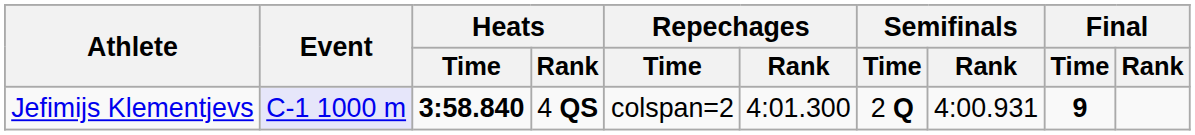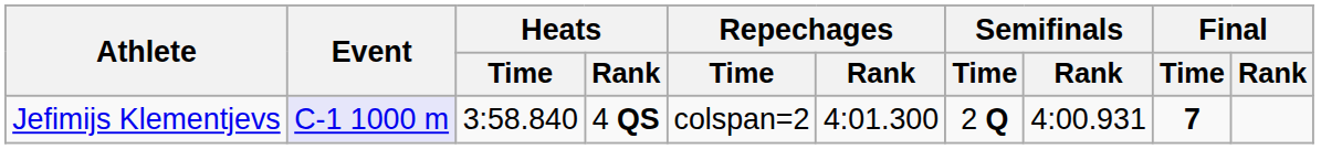 <table class="wikitable" style="font-size:90%">
 <tr>
 <th rowspan=2>Athlete</th>
 <th rowspan=2>Event</th>
 <th colspan=2>Heats</th>
 <th colspan=2>Repechages</th>
 <th colspan=2>Semifinals</th>
 <th colspan=2>Final</th>
 </tr>
 <tr style="font-size:95%">
 <th>Time</th>
 <th>Rank</th>
 <th>Time</th>
 <th>Rank</th>
 <th>Time</th>
 <th>Rank</th>
 <th>Time</th>
 <th>Rank</th>
 </tr>
 <tr align=center>
 <td align=left><a href='#'>Jefimijs Klementjevs</a></td>
 <td align=left style="background: lavender;"><a href='#'>C-1 1000 m</a></td>
-<td><strong>3:58.840</strong></td>
+<td>3:58.840</td>
 <td>4 <strong>QS</strong></td>
 <td>colspan=2 </td>
 <td>4:01.300</td>
 <td>2 <strong>Q</strong></td>
 <td>4:00.931</td>
-<td><strong>9</strong></td>
+<td><strong>7</strong></td>
 </tr>
 </table>
